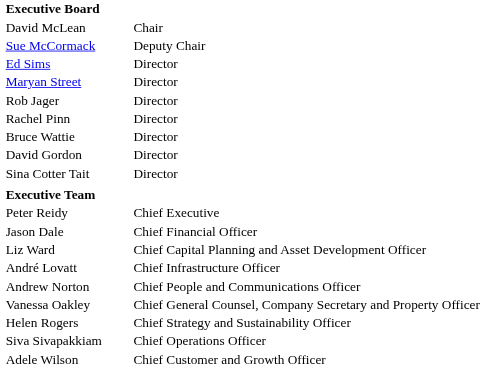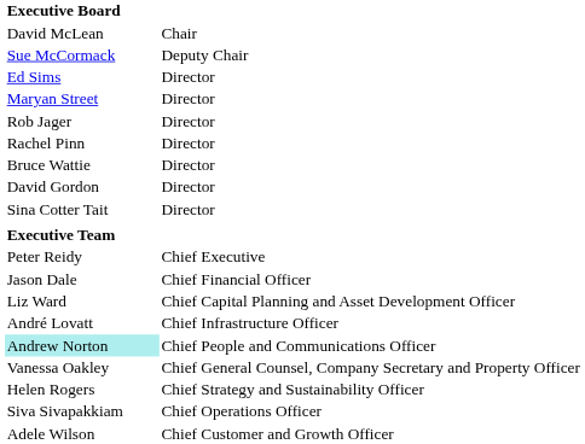 <table width="100%" border="0" cellspacing="0" cellpadding="2">
 <tr>
 <td colspan="2"><strong>Executive Board</strong></td>
 </tr>
 <tr>
 <td>David McLean</td>
 <td>Chair</td>
 </tr>
 <tr valign="top">
 <td width="150"><a href='#'>Sue McCormack</a></td>
 <td>Deputy Chair</td>
 </tr>
 <tr>
 </tr>
 <tr valign="top">
 <td width="150"><a href='#'>Ed Sims</a></td>
 <td>Director</td>
 </tr>
 <tr valign="top">
 <td width="150"><a href='#'>Maryan Street</a></td>
 <td>Director</td>
 </tr>
 <tr valign="top">
 <td width="150">Rob Jager</td>
 <td>Director</td>
 </tr>
 <tr valign="top">
 <td width="150">Rachel Pinn</td>
 <td>Director</td>
 </tr>
 <tr>
 <td>Bruce Wattie</td>
 <td>Director</td>
 </tr>
 <tr>
 <td>David Gordon</td>
 <td>Director</td>
 </tr>
 <tr>
 <td>Sina Cotter Tait</td>
 <td>Director</td>
 </tr>
 <tr>
 <td></td>
 </tr>
 <tr>
 <td colspan="2"><strong>Executive Team</strong></td>
 </tr>
 <tr valign="top">
 <td width="150">Peter Reidy</td>
 <td>Chief Executive</td>
 </tr>
 <tr valign="top">
 <td width="150">Jason Dale</td>
 <td>Chief Financial Officer</td>
 </tr>
 <tr>
 <td>Liz Ward</td>
 <td>Chief Capital Planning and Asset Development Officer</td>
 </tr>
 <tr>
 <td>André Lovatt</td>
 <td>Chief Infrastructure Officer</td>
 </tr>
 <tr valign="top">
-<td width="150">Andrew Norton</td>
+<td width="150" style="background: paleturquoise;">Andrew Norton</td>
 <td>Chief People and Communications Officer</td>
 </tr>
 <tr>
 <td>Vanessa Oakley</td>
 <td>Chief General Counsel, Company Secretary and Property Officer</td>
 </tr>
 <tr>
 <td>Helen Rogers</td>
 <td>Chief Strategy and Sustainability Officer</td>
 </tr>
 <tr>
 <td>Siva Sivapakkiam</td>
 <td>Chief Operations Officer</td>
 </tr>
 <tr>
 <td>Adele Wilson</td>
 <td>Chief Customer and Growth Officer</td>
 </tr>
 <tr valign="top">
 </tr>
 </table>
